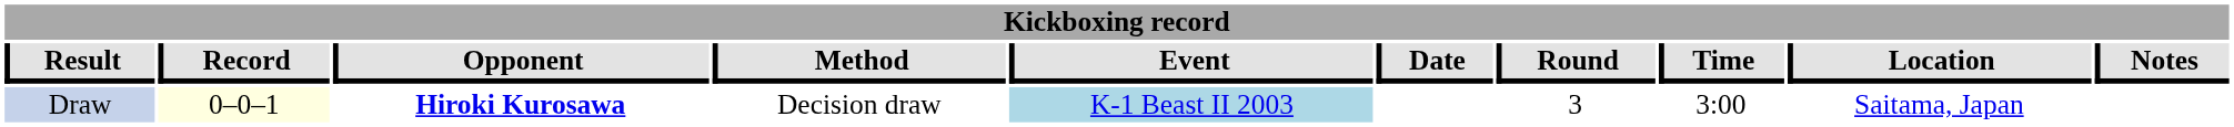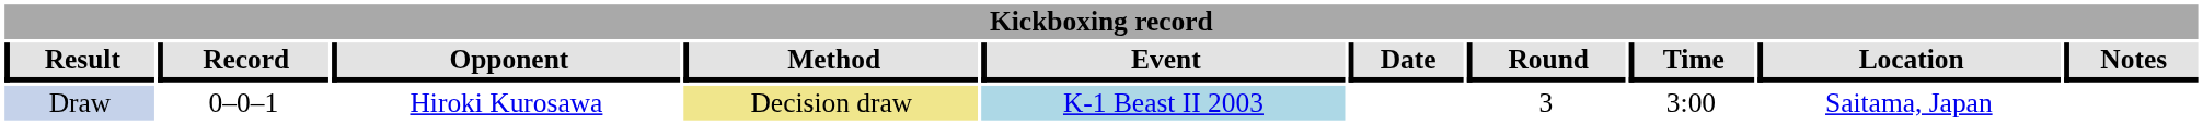 <table class="toccolours"  style="width:100%; clear:both; margin:1.5em auto; text-align:center;">
 <tr>
 <th colspan="10" style="background:darkGrey;"><span>Kickboxing record</span></th>
 </tr>
 <tr>
 <th style="border-style: none none solid solid; background: #e3e3e3"><strong>Result</strong></th>
 <th style="border-style: none none solid solid; background: #e3e3e3"><strong>Record</strong></th>
 <th style="border-style: none none solid solid; background: #e3e3e3"><strong>Opponent</strong></th>
 <th style="border-style: none none solid solid; background: #e3e3e3"><strong>Method</strong></th>
 <th style="border-style: none none solid solid; background: #e3e3e3"><strong>Event</strong></th>
 <th style="border-style: none none solid solid; background: #e3e3e3"><strong>Date</strong></th>
 <th style="border-style: none none solid solid; background: #e3e3e3"><strong>Round</strong></th>
 <th style="border-style: none none solid solid; background: #e3e3e3"><strong>Time</strong></th>
 <th style="border-style: none none solid solid; background: #e3e3e3"><strong>Location</strong></th>
 <th style="border-style: none none solid solid; background: #e3e3e3"><strong>Notes</strong></th>
 </tr>
 <tr>
 <td style="text-align:center; background:#c5d2ea;">Draw</td>
-<td style="background: lightyellow;">0–0–1</td>
-<td><strong><a href='#'>Hiroki Kurosawa</a></strong></td>
-<td>Decision draw</td>
+<td>0–0–1</td>
+<td><a href='#'>Hiroki Kurosawa</a></td>
+<td style="background: khaki;">Decision draw</td>
 <td style="background: lightblue;"><a href='#'>K-1 Beast II 2003</a></td>
 <td></td>
 <td style="text-align:center;">3</td>
 <td style="text-align:center;">3:00</td>
 <td><a href='#'>Saitama, Japan</a></td>
 <td></td>
 </tr>
 <tr>
 </tr>
 </table>
